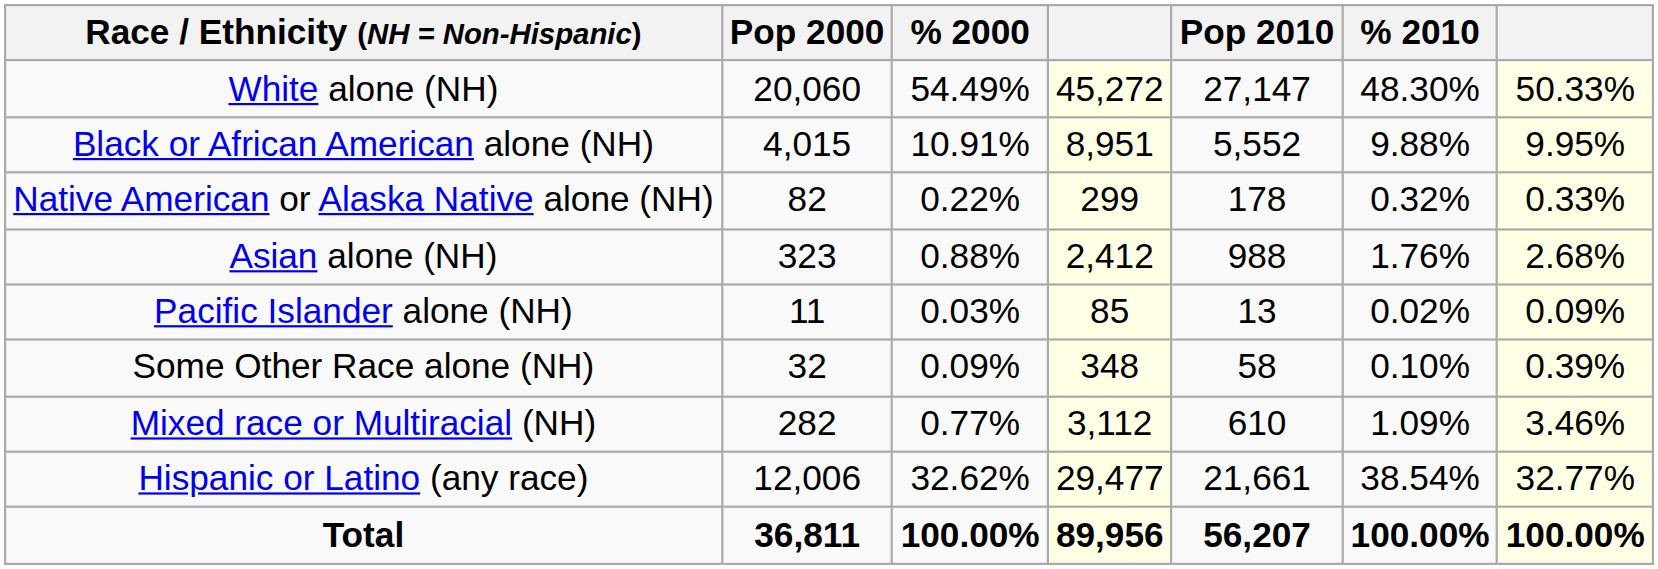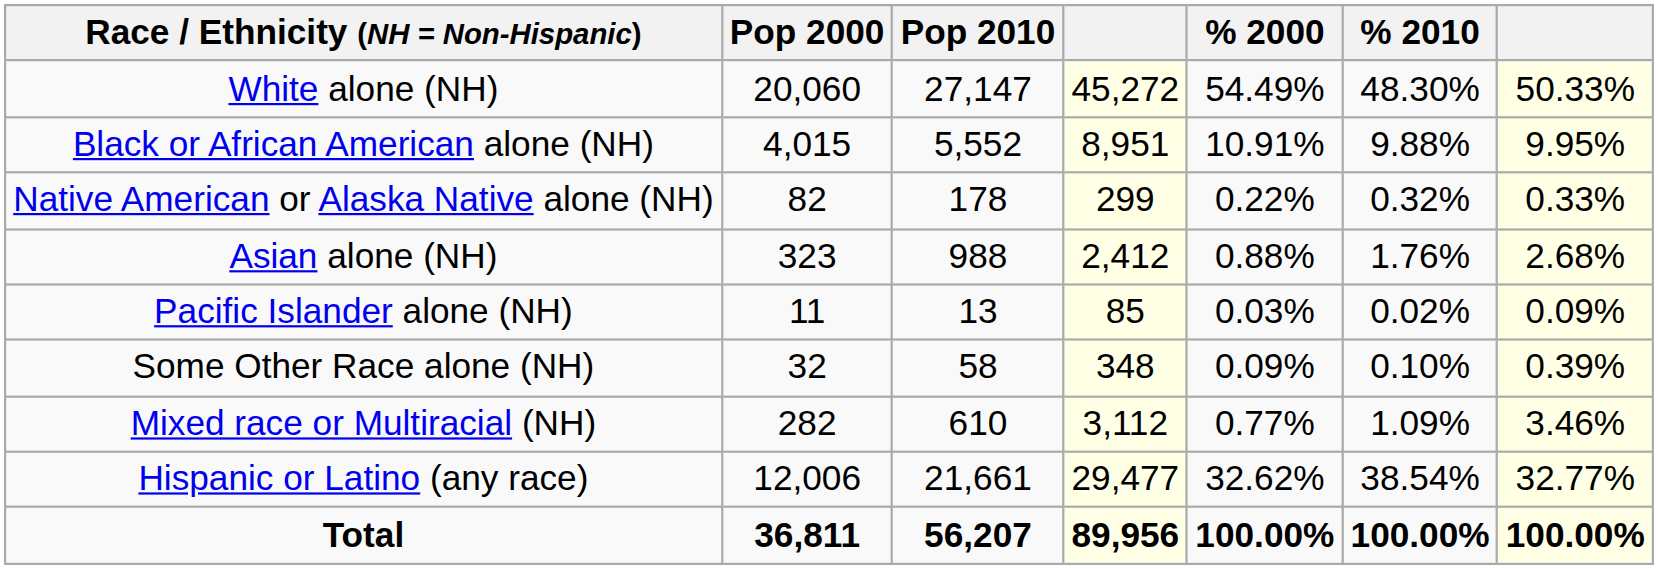 <table class="wikitable" style="text-align:center;">
 <tr>
 <th>Race / Ethnicity <small>(<em>NH = Non-Hispanic</em>)</small></th>
 <th>Pop 2000</th>
+<th>Pop 2010</th>
+<th></th>
 <th>% 2000</th>
-<th></th>
-<th>Pop 2010</th>
 <th>% 2010</th>
 <th></th>
 </tr>
 <tr>
 <td><a href='#'>White</a> alone (NH)</td>
 <td>20,060</td>
+<td>27,147</td>
+<td style='background: #ffffe6;'>45,272</td>
 <td>54.49%</td>
-<td style='background: #ffffe6;'>45,272</td>
-<td>27,147</td>
 <td>48.30%</td>
 <td style='background: #ffffe6;'>50.33%</td>
 </tr>
 <tr>
 <td><a href='#'>Black or African American</a> alone (NH)</td>
 <td>4,015</td>
+<td>5,552</td>
+<td style='background: #ffffe6;'>8,951</td>
 <td>10.91%</td>
-<td style='background: #ffffe6;'>8,951</td>
-<td>5,552</td>
 <td>9.88%</td>
 <td style='background: #ffffe6;'>9.95%</td>
 </tr>
 <tr>
 <td><a href='#'>Native American</a> or <a href='#'>Alaska Native</a> alone (NH)</td>
 <td>82</td>
+<td>178</td>
+<td style='background: #ffffe6;'>299</td>
 <td>0.22%</td>
-<td style='background: #ffffe6;'>299</td>
-<td>178</td>
 <td>0.32%</td>
 <td style='background: #ffffe6;'>0.33%</td>
 </tr>
 <tr>
 <td><a href='#'>Asian</a> alone (NH)</td>
 <td>323</td>
+<td>988</td>
+<td style='background: #ffffe6;'>2,412</td>
 <td>0.88%</td>
-<td style='background: #ffffe6;'>2,412</td>
-<td>988</td>
 <td>1.76%</td>
 <td style='background: #ffffe6;'>2.68%</td>
 </tr>
 <tr>
 <td><a href='#'>Pacific Islander</a> alone (NH)</td>
 <td>11</td>
+<td>13</td>
+<td style='background: #ffffe6;'>85</td>
 <td>0.03%</td>
-<td style='background: #ffffe6;'>85</td>
-<td>13</td>
 <td>0.02%</td>
 <td style='background: #ffffe6;'>0.09%</td>
 </tr>
 <tr>
 <td>Some Other Race alone (NH)</td>
 <td>32</td>
+<td>58</td>
+<td style='background: #ffffe6;'>348</td>
 <td>0.09%</td>
-<td style='background: #ffffe6;'>348</td>
-<td>58</td>
 <td>0.10%</td>
 <td style='background: #ffffe6;'>0.39%</td>
 </tr>
 <tr>
 <td><a href='#'>Mixed race or Multiracial</a> (NH)</td>
 <td>282</td>
+<td>610</td>
+<td style='background: #ffffe6;'>3,112</td>
 <td>0.77%</td>
-<td style='background: #ffffe6;'>3,112</td>
-<td>610</td>
 <td>1.09%</td>
 <td style='background: #ffffe6;'>3.46%</td>
 </tr>
 <tr>
 <td><a href='#'>Hispanic or Latino</a> (any race)</td>
 <td>12,006</td>
+<td>21,661</td>
+<td style='background: #ffffe6;'>29,477</td>
 <td>32.62%</td>
-<td style='background: #ffffe6;'>29,477</td>
-<td>21,661</td>
 <td>38.54%</td>
 <td style='background: #ffffe6;'>32.77%</td>
 </tr>
 <tr>
 <td><strong>Total</strong></td>
 <td><strong>36,811</strong></td>
+<td><strong>56,207</strong></td>
+<td style='background: #ffffe6;'><strong>89,956</strong></td>
 <td><strong>100.00%</strong></td>
-<td style='background: #ffffe6;'><strong>89,956</strong></td>
-<td><strong>56,207</strong></td>
 <td><strong>100.00%</strong></td>
 <td style='background: #ffffe6;'><strong>100.00%</strong></td>
 </tr>
 </table>
